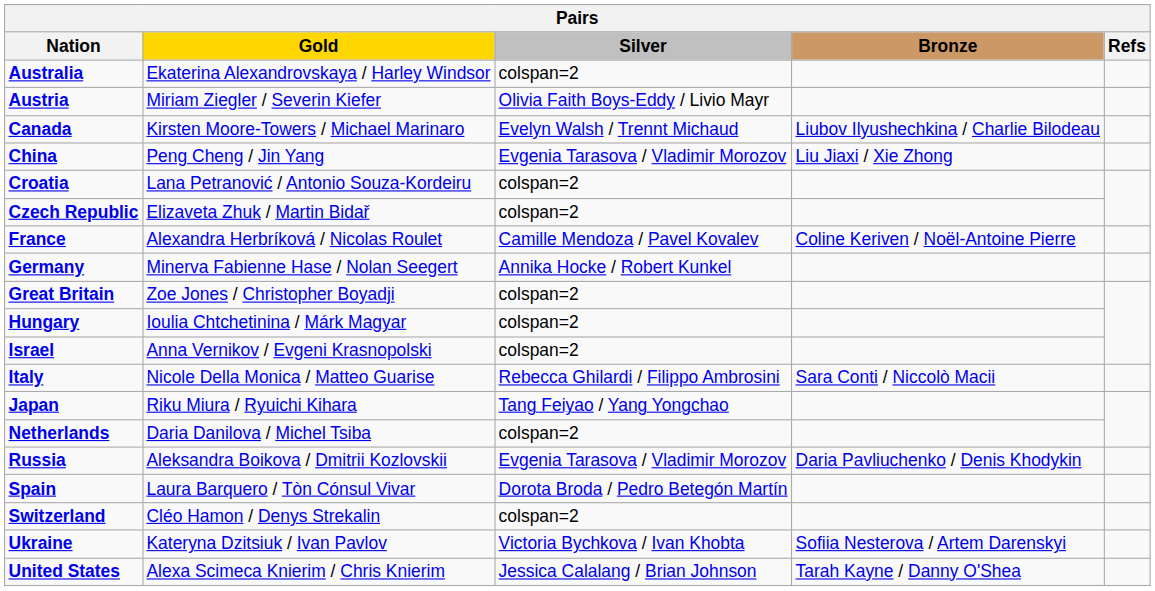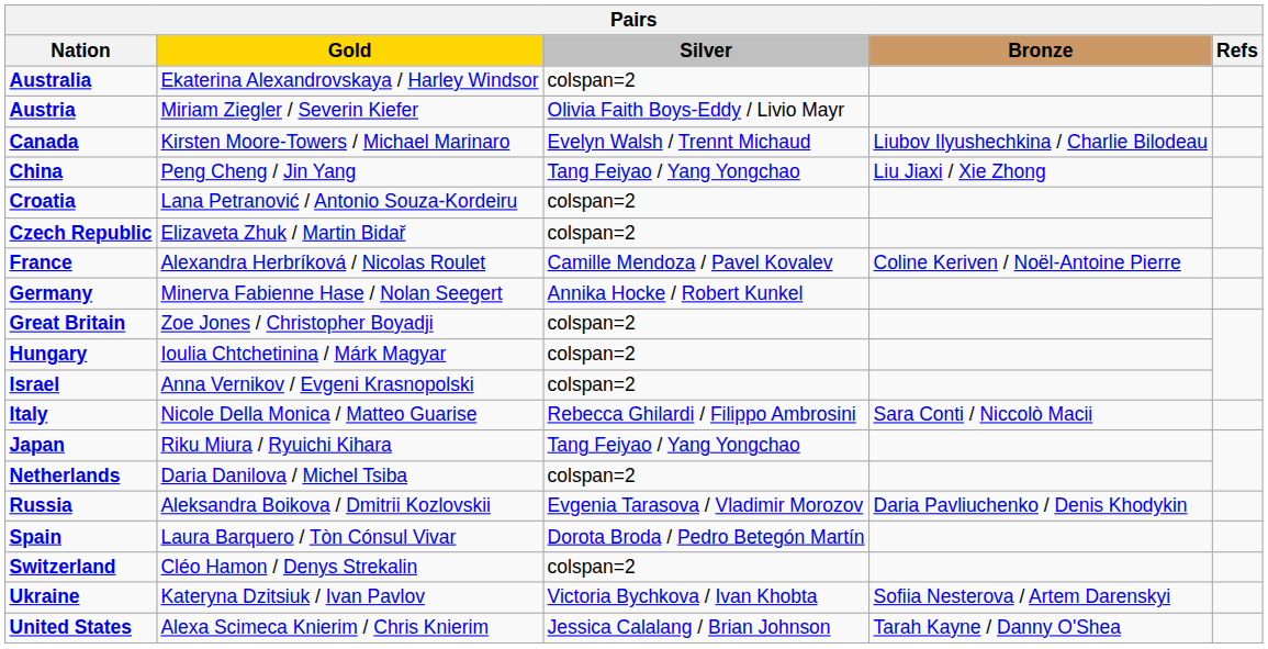 <table class="wikitable">
 <tr>
 <th colspan=5>Pairs</th>
 </tr>
 <tr>
 <th>Nation</th>
 <td style="text-align:center; background:gold;"><strong>Gold</strong></td>
 <td style="text-align:center; background:silver;"><strong>Silver</strong></td>
 <td style="text-align:center; background:#c96;"><strong>Bronze</strong></td>
 <th>Refs</th>
 </tr>
 <tr>
 <td><strong> <a href='#'>Australia</a></strong></td>
 <td><a href='#'>Ekaterina Alexandrovskaya</a> / <a href='#'>Harley Windsor</a></td>
 <td>colspan=2 </td>
 <td></td>
 </tr>
 <tr>
 <td><strong> <a href='#'>Austria</a></strong></td>
 <td><a href='#'>Miriam Ziegler</a> / <a href='#'>Severin Kiefer</a></td>
 <td><a href='#'>Olivia Faith Boys-Eddy</a> / Livio Mayr</td>
 <td></td>
 <td></td>
 </tr>
 <tr>
 <td><strong> <a href='#'>Canada</a></strong></td>
 <td><a href='#'>Kirsten Moore-Towers</a> / <a href='#'>Michael Marinaro</a></td>
 <td><a href='#'>Evelyn Walsh</a> / <a href='#'>Trennt Michaud</a></td>
 <td><a href='#'>Liubov Ilyushechkina</a> / <a href='#'>Charlie Bilodeau</a></td>
 <td></td>
 </tr>
 <tr>
 <td><strong> <a href='#'>China</a></strong></td>
 <td><a href='#'>Peng Cheng</a> / <a href='#'>Jin Yang</a></td>
-<td><a href='#'>Evgenia Tarasova</a> / <a href='#'>Vladimir Morozov</a></td>
+<td><a href='#'>Tang Feiyao</a> / <a href='#'>Yang Yongchao</a></td>
 <td><a href='#'>Liu Jiaxi</a> / <a href='#'>Xie Zhong</a></td>
 <td></td>
 </tr>
 <tr>
 <td><strong> <a href='#'>Croatia</a></strong></td>
 <td><a href='#'>Lana Petranović</a> / <a href='#'>Antonio Souza-Kordeiru</a></td>
 <td>colspan=2 </td>
 <td></td>
 </tr>
 <tr>
 <td><strong> <a href='#'>Czech Republic</a></strong></td>
 <td><a href='#'>Elizaveta Zhuk</a> / <a href='#'>Martin Bidař</a></td>
 <td>colspan=2 </td>
 <td></td>
 </tr>
 <tr>
 <td><strong> <a href='#'>France</a></strong></td>
 <td><a href='#'>Alexandra Herbríková</a> / <a href='#'>Nicolas Roulet</a></td>
 <td><a href='#'>Camille Mendoza</a> / <a href='#'>Pavel Kovalev</a></td>
 <td><a href='#'>Coline Keriven</a> / <a href='#'>Noël-Antoine Pierre</a></td>
 <td></td>
 </tr>
 <tr>
 <td><strong> <a href='#'>Germany</a></strong></td>
 <td><a href='#'>Minerva Fabienne Hase</a> / <a href='#'>Nolan Seegert</a></td>
 <td><a href='#'>Annika Hocke</a> / <a href='#'>Robert Kunkel</a></td>
 <td></td>
 <td></td>
 </tr>
 <tr>
 <td><strong> <a href='#'>Great Britain</a></strong></td>
 <td><a href='#'>Zoe Jones</a> / <a href='#'>Christopher Boyadji</a></td>
 <td>colspan=2 </td>
 <td></td>
 </tr>
 <tr>
 <td><strong> <a href='#'>Hungary</a></strong></td>
 <td><a href='#'>Ioulia Chtchetinina</a> / <a href='#'>Márk Magyar</a></td>
 <td>colspan=2 </td>
 <td></td>
 </tr>
 <tr>
 <td><strong> <a href='#'>Israel</a></strong></td>
 <td><a href='#'>Anna Vernikov</a> / <a href='#'>Evgeni Krasnopolski</a></td>
 <td>colspan=2 </td>
 <td></td>
 </tr>
 <tr>
 <td><strong> <a href='#'>Italy</a></strong></td>
 <td><a href='#'>Nicole Della Monica</a> / <a href='#'>Matteo Guarise</a></td>
 <td><a href='#'>Rebecca Ghilardi</a> / <a href='#'>Filippo Ambrosini</a></td>
 <td><a href='#'>Sara Conti</a> / <a href='#'>Niccolò Macii</a></td>
 <td></td>
 </tr>
 <tr>
 <td><strong> <a href='#'>Japan</a></strong></td>
 <td><a href='#'>Riku Miura</a> / <a href='#'>Ryuichi Kihara</a></td>
 <td><a href='#'>Tang Feiyao</a> / <a href='#'>Yang Yongchao</a></td>
 <td></td>
 </tr>
 <tr>
 <td><strong> <a href='#'>Netherlands</a></strong></td>
 <td><a href='#'>Daria Danilova</a> / <a href='#'>Michel Tsiba</a></td>
 <td>colspan=2 </td>
 <td></td>
 </tr>
 <tr>
 <td><strong> <a href='#'>Russia</a></strong></td>
 <td><a href='#'>Aleksandra Boikova</a> / <a href='#'>Dmitrii Kozlovskii</a></td>
 <td><a href='#'>Evgenia Tarasova</a> / <a href='#'>Vladimir Morozov</a></td>
 <td><a href='#'>Daria Pavliuchenko</a> / <a href='#'>Denis Khodykin</a></td>
 <td></td>
 </tr>
 <tr>
 <td><strong> <a href='#'>Spain</a></strong></td>
 <td><a href='#'>Laura Barquero</a> / <a href='#'>Tòn Cónsul Vivar</a></td>
 <td><a href='#'>Dorota Broda</a> / <a href='#'>Pedro Betegón Martín</a></td>
 <td></td>
 <td></td>
 </tr>
 <tr>
 <td><strong> <a href='#'>Switzerland</a></strong></td>
 <td><a href='#'>Cléo Hamon</a> / <a href='#'>Denys Strekalin</a></td>
 <td>colspan=2 </td>
 <td></td>
 </tr>
 <tr>
 <td><strong> <a href='#'>Ukraine</a></strong></td>
 <td><a href='#'>Kateryna Dzitsiuk</a> / <a href='#'>Ivan Pavlov</a></td>
 <td><a href='#'>Victoria Bychkova</a> / <a href='#'>Ivan Khobta</a></td>
 <td><a href='#'>Sofiia Nesterova</a> / <a href='#'>Artem Darenskyi</a></td>
 <td></td>
 </tr>
 <tr>
 <td><strong> <a href='#'>United States</a></strong></td>
 <td><a href='#'>Alexa Scimeca Knierim</a> / <a href='#'>Chris Knierim</a></td>
 <td><a href='#'>Jessica Calalang</a> / <a href='#'>Brian Johnson</a></td>
 <td><a href='#'>Tarah Kayne</a> / <a href='#'>Danny O'Shea</a></td>
 <td></td>
 </tr>
 </table>
